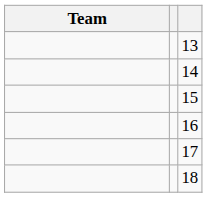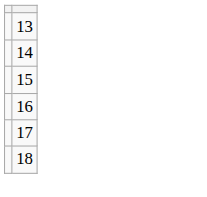 <table class="wikitable" style="white-space:nowrap; display:inline-table;">
 <tr>
-<th style="width:150px">Team</th>
 <th></th>
 <th></th>
 </tr>
 <tr>
 <td></td>
-<td></td>
 <td style="text-align:center">13</td>
 </tr>
 <tr>
-<td></td>
 <td></td>
 <td style="text-align:center">14</td>
 </tr>
 <tr>
 <td></td>
-<td></td>
 <td style="text-align:center">15</td>
 </tr>
 <tr>
-<td></td>
 <td></td>
 <td style="text-align:center">16</td>
 </tr>
 <tr>
 <td></td>
-<td></td>
 <td style="text-align:center">17</td>
 </tr>
 <tr>
 <td></td>
-<td></td>
 <td style="text-align:center">18</td>
 </tr>
 </table>
